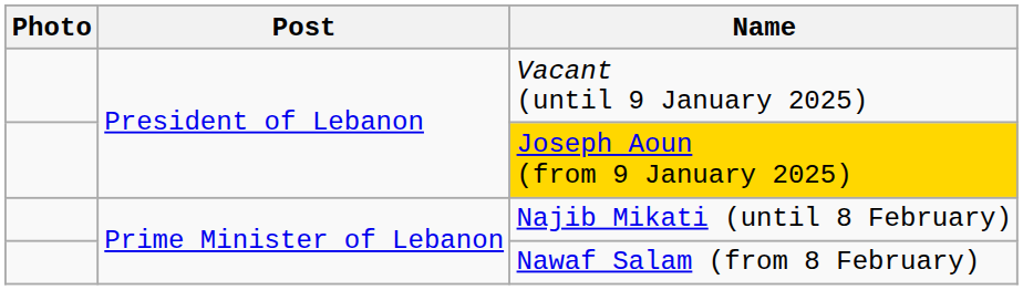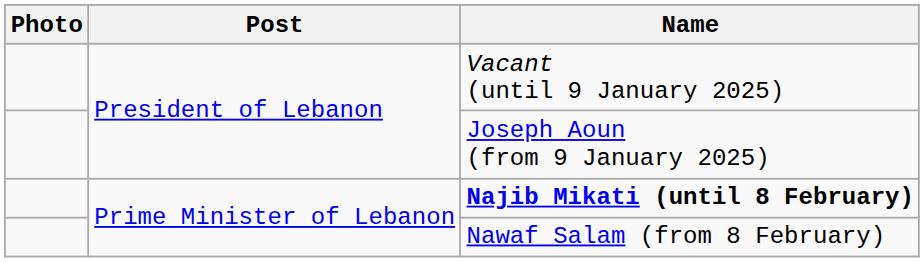 <table class="wikitable">
 <tr>
 <th>Photo</th>
 <th>Post</th>
 <th>Name</th>
 </tr>
 <tr>
 <td></td>
 <td rowspan="2"><a href='#'>President of Lebanon</a></td>
 <td><em>Vacant</em><br>(until 9 January 2025)</td>
 </tr>
 <tr>
 <td></td>
-<td style="background: gold;"><a href='#'>Joseph Aoun</a><br>(from 9 January 2025)</td>
+<td><a href='#'>Joseph Aoun</a><br>(from 9 January 2025)</td>
 </tr>
 <tr>
 <td></td>
 <td rowspan="2"><a href='#'>Prime Minister of Lebanon</a></td>
-<td><a href='#'>Najib Mikati</a> (until 8 February)</td>
+<td><strong><a href='#'>Najib Mikati</a> (until 8 February)</strong></td>
 </tr>
 <tr>
 <td></td>
 <td><a href='#'>Nawaf Salam</a> (from 8 February)</td>
 </tr>
 </table>
